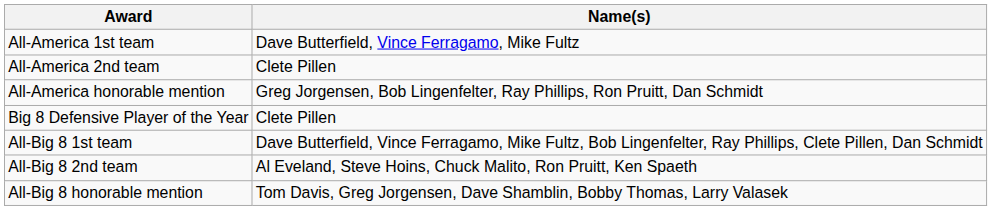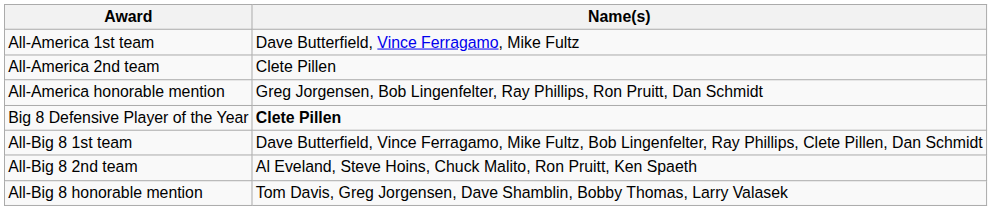 <table class="wikitable">
 <tr>
 <th>Award</th>
 <th>Name(s)</th>
 </tr>
 <tr>
 <td>All-America 1st team</td>
 <td>Dave Butterfield, <a href='#'>Vince Ferragamo</a>, Mike Fultz</td>
 </tr>
 <tr>
 <td>All-America 2nd team</td>
 <td>Clete Pillen</td>
 </tr>
 <tr>
 <td>All-America honorable mention</td>
 <td>Greg Jorgensen, Bob Lingenfelter, Ray Phillips, Ron Pruitt, Dan Schmidt</td>
 </tr>
 <tr>
 <td>Big 8 Defensive Player of the Year</td>
-<td>Clete Pillen</td>
+<td><strong>Clete Pillen</strong></td>
 </tr>
 <tr>
 <td>All-Big 8 1st team</td>
 <td>Dave Butterfield, Vince Ferragamo, Mike Fultz, Bob Lingenfelter, Ray Phillips, Clete Pillen, Dan Schmidt</td>
 </tr>
 <tr>
 <td>All-Big 8 2nd team</td>
 <td>Al Eveland, Steve Hoins, Chuck Malito, Ron Pruitt, Ken Spaeth</td>
 </tr>
 <tr>
 <td>All-Big 8 honorable mention</td>
 <td>Tom Davis, Greg Jorgensen, Dave Shamblin, Bobby Thomas, Larry Valasek</td>
 </tr>
 </table>
